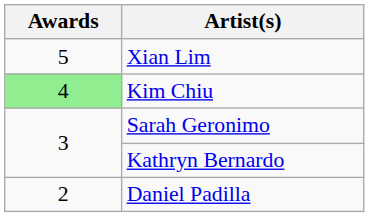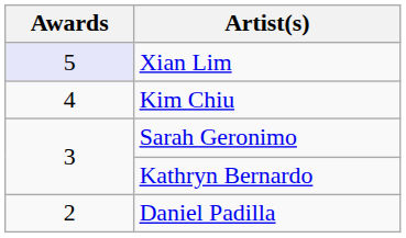 <table class="wikitable"  style="width:30%;">
 <tr>
 <th scope="col">Awards</th>
 <th scope="col">Artist(s)</th>
 </tr>
 <tr>
-<td align=center>5</td>
+<td align=center style="background: lavender;">5</td>
 <td><a href='#'>Xian Lim</a></td>
 </tr>
 <tr>
-<td align=center style="background: lightgreen;">4</td>
+<td align=center>4</td>
 <td><a href='#'>Kim Chiu</a></td>
 </tr>
 <tr>
 <td align=center rowspan=2>3</td>
 <td><a href='#'>Sarah Geronimo</a></td>
 </tr>
 <tr>
 <td><a href='#'>Kathryn Bernardo</a></td>
 </tr>
 <tr>
 <td align=center>2</td>
 <td><a href='#'>Daniel Padilla</a></td>
 </tr>
 </table>
